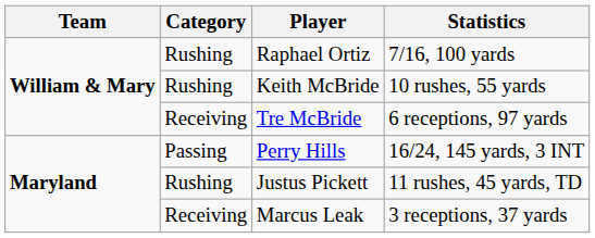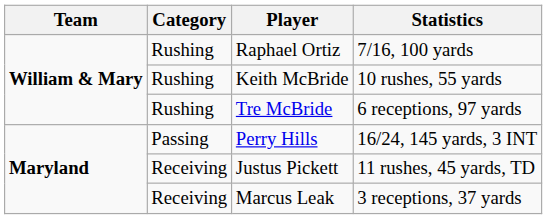 <table class="wikitable" style="float: left;">
 <tr>
 <th>Team</th>
 <th>Category</th>
 <th>Player</th>
 <th>Statistics</th>
 </tr>
 <tr>
 <td rowspan=3><strong>William & Mary</strong></td>
 <td>Rushing</td>
 <td>Raphael Ortiz</td>
 <td>7/16, 100 yards</td>
 </tr>
 <tr>
 <td>Rushing</td>
 <td>Keith McBride</td>
 <td>10 rushes, 55 yards</td>
 </tr>
 <tr>
-<td>Receiving</td>
+<td>Rushing</td>
 <td><a href='#'>Tre McBride</a></td>
 <td>6 receptions, 97 yards</td>
 </tr>
 <tr>
 <td rowspan=3><strong>Maryland</strong></td>
 <td>Passing</td>
 <td><a href='#'>Perry Hills</a></td>
 <td>16/24, 145 yards, 3 INT</td>
 </tr>
 <tr>
-<td>Rushing</td>
+<td>Receiving</td>
 <td>Justus Pickett</td>
 <td>11 rushes, 45 yards, TD</td>
 </tr>
 <tr>
 <td>Receiving</td>
 <td>Marcus Leak</td>
 <td>3 receptions, 37 yards</td>
 </tr>
 </table>
